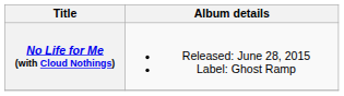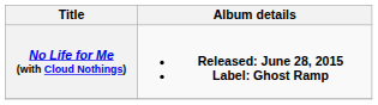 <table class="wikitable plainrowheaders" style="text-align:center;" border="1">
 <tr>
 <th scope="col" style="width:10em;">Title</th>
 <th scope="col" style="width:18em;">Album details</th>
 </tr>
 <tr>
 <th scope="row"><em><a href='#'>No Life for Me</a></em><br><small>(with <a href='#'>Cloud Nothings</a>)</small></th>
-<td><br><ul><li>Released: June 28, 2015</li><li>Label: Ghost Ramp</li></ul></td>
+<td><strong><br><ul><li>Released: June 28, 2015</li><li>Label: Ghost Ramp</li></ul></strong></td>
 </tr>
 <tr>
 </tr>
 </table>
